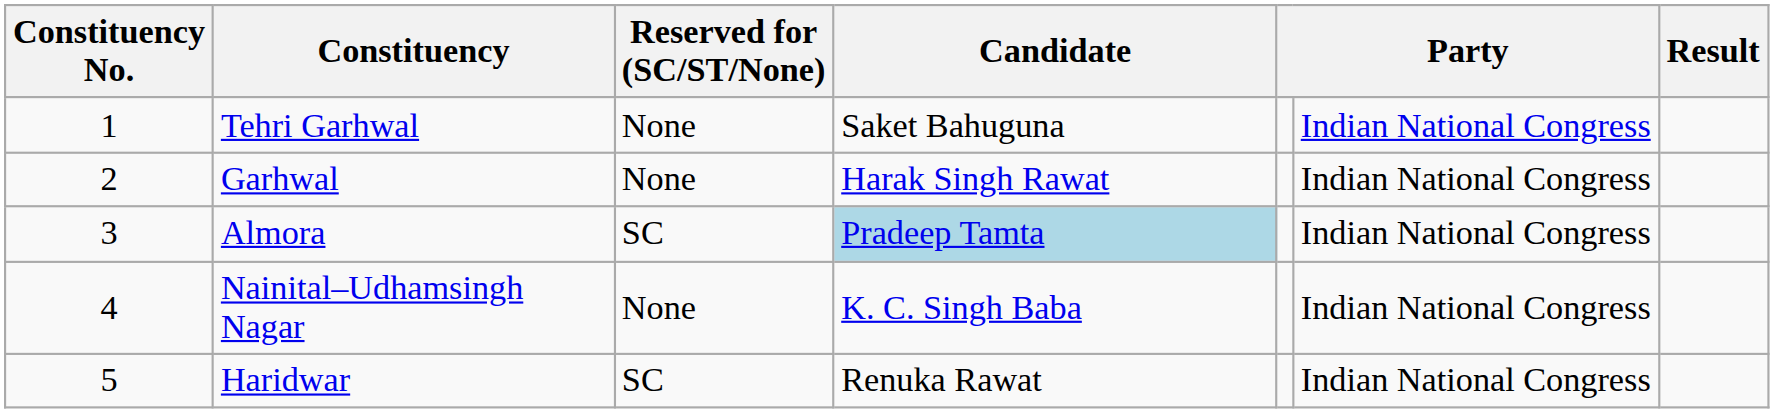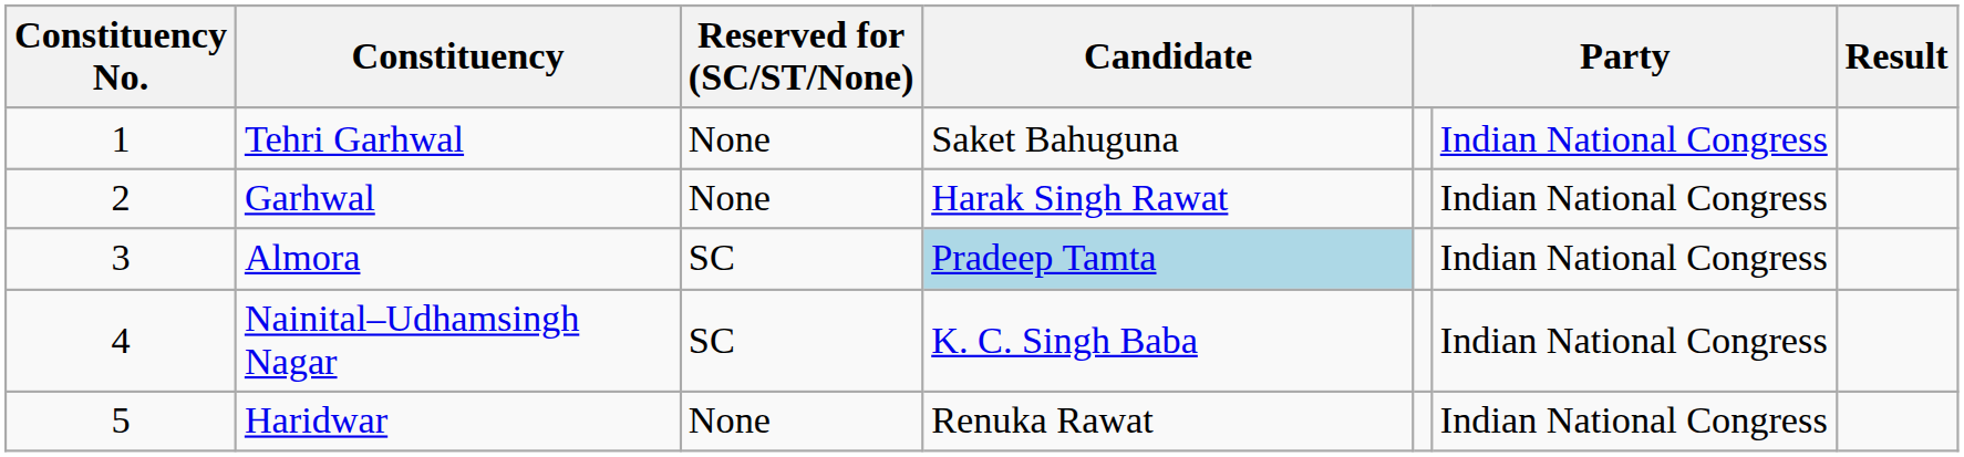 <table class= "wikitable sortable">
 <tr>
 <th>Constituency <br> No.</th>
 <th style="width:180px;">Constituency</th>
 <th>Reserved for<br>(SC/ST/None)</th>
 <th style="width:200px;">Candidate</th>
 <th colspan="2">Party</th>
 <th>Result</th>
 </tr>
 <tr>
 <td align="center">1</td>
 <td><a href='#'>Tehri Garhwal</a></td>
 <td>None</td>
 <td>Saket Bahuguna</td>
 <td></td>
 <td><a href='#'>Indian National Congress</a></td>
 <td></td>
 </tr>
 <tr>
 <td align="center">2</td>
 <td><a href='#'>Garhwal</a></td>
 <td>None</td>
 <td><a href='#'>Harak Singh Rawat</a></td>
 <td></td>
 <td>Indian National Congress</td>
 <td></td>
 </tr>
 <tr>
 <td align="center">3</td>
 <td><a href='#'>Almora</a></td>
 <td>SC</td>
 <td style="background: lightblue;"><a href='#'>Pradeep Tamta</a></td>
 <td></td>
 <td>Indian National Congress</td>
 <td></td>
 </tr>
 <tr>
 <td align="center">4</td>
 <td><a href='#'>Nainital–Udhamsingh Nagar</a></td>
-<td>None</td>
+<td>SC</td>
 <td><a href='#'>K. C. Singh Baba</a></td>
 <td></td>
 <td>Indian National Congress</td>
 <td></td>
 </tr>
 <tr>
 <td align="center">5</td>
 <td><a href='#'>Haridwar</a></td>
-<td>SC</td>
+<td>None</td>
 <td>Renuka Rawat</td>
 <td></td>
 <td>Indian National Congress</td>
 <td></td>
 </tr>
 </table>
